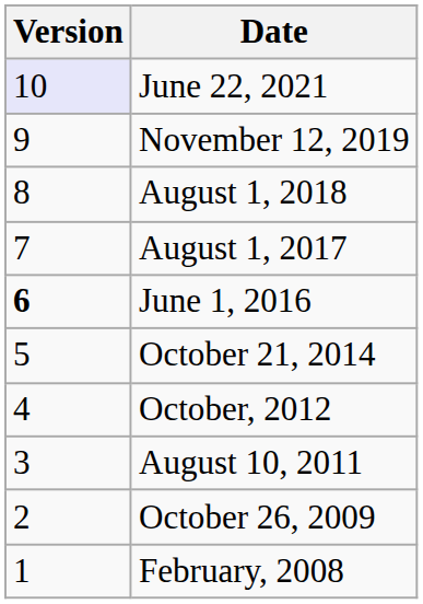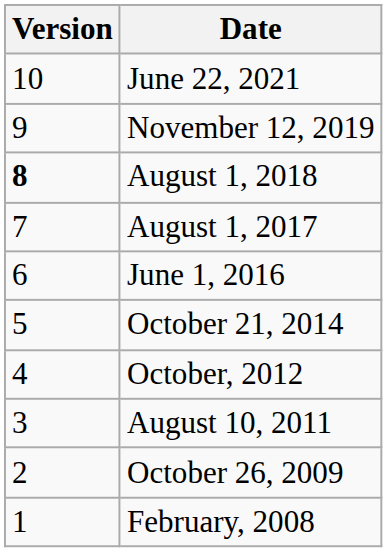 <table class="wikitable">
 <tr>
 <th>Version</th>
 <th>Date</th>
 </tr>
 <tr>
-<td style="background: lavender;">10</td>
+<td>10</td>
 <td>June 22, 2021</td>
 </tr>
 <tr>
 <td>9</td>
 <td>November 12, 2019</td>
 </tr>
 <tr>
-<td>8</td>
+<td><strong>8</strong></td>
 <td>August 1, 2018</td>
 </tr>
 <tr>
 <td>7</td>
 <td>August 1, 2017</td>
 </tr>
 <tr>
-<td><strong>6</strong></td>
+<td>6</td>
 <td>June 1, 2016</td>
 </tr>
 <tr>
 <td>5</td>
 <td>October 21, 2014</td>
 </tr>
 <tr>
 <td>4</td>
 <td>October, 2012</td>
 </tr>
 <tr>
 <td>3</td>
 <td>August 10, 2011</td>
 </tr>
 <tr>
 <td>2</td>
 <td>October 26, 2009</td>
 </tr>
 <tr>
 <td>1</td>
 <td>February, 2008</td>
 </tr>
 </table>
